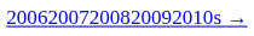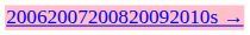 <table id="toc" class="toc" summary="Contents">
 <tr>
 <th></th>
 </tr>
 <tr>
-<td align="center"><a href='#'>2006</a><a href='#'>2007</a><a href='#'>2008</a><a href='#'>2009</a><a href='#'>2010s →</a></td>
+<td align="center" style="background: pink;"><a href='#'>2006</a><a href='#'>2007</a><a href='#'>2008</a><a href='#'>2009</a><a href='#'>2010s →</a></td>
 </tr>
 </table>
